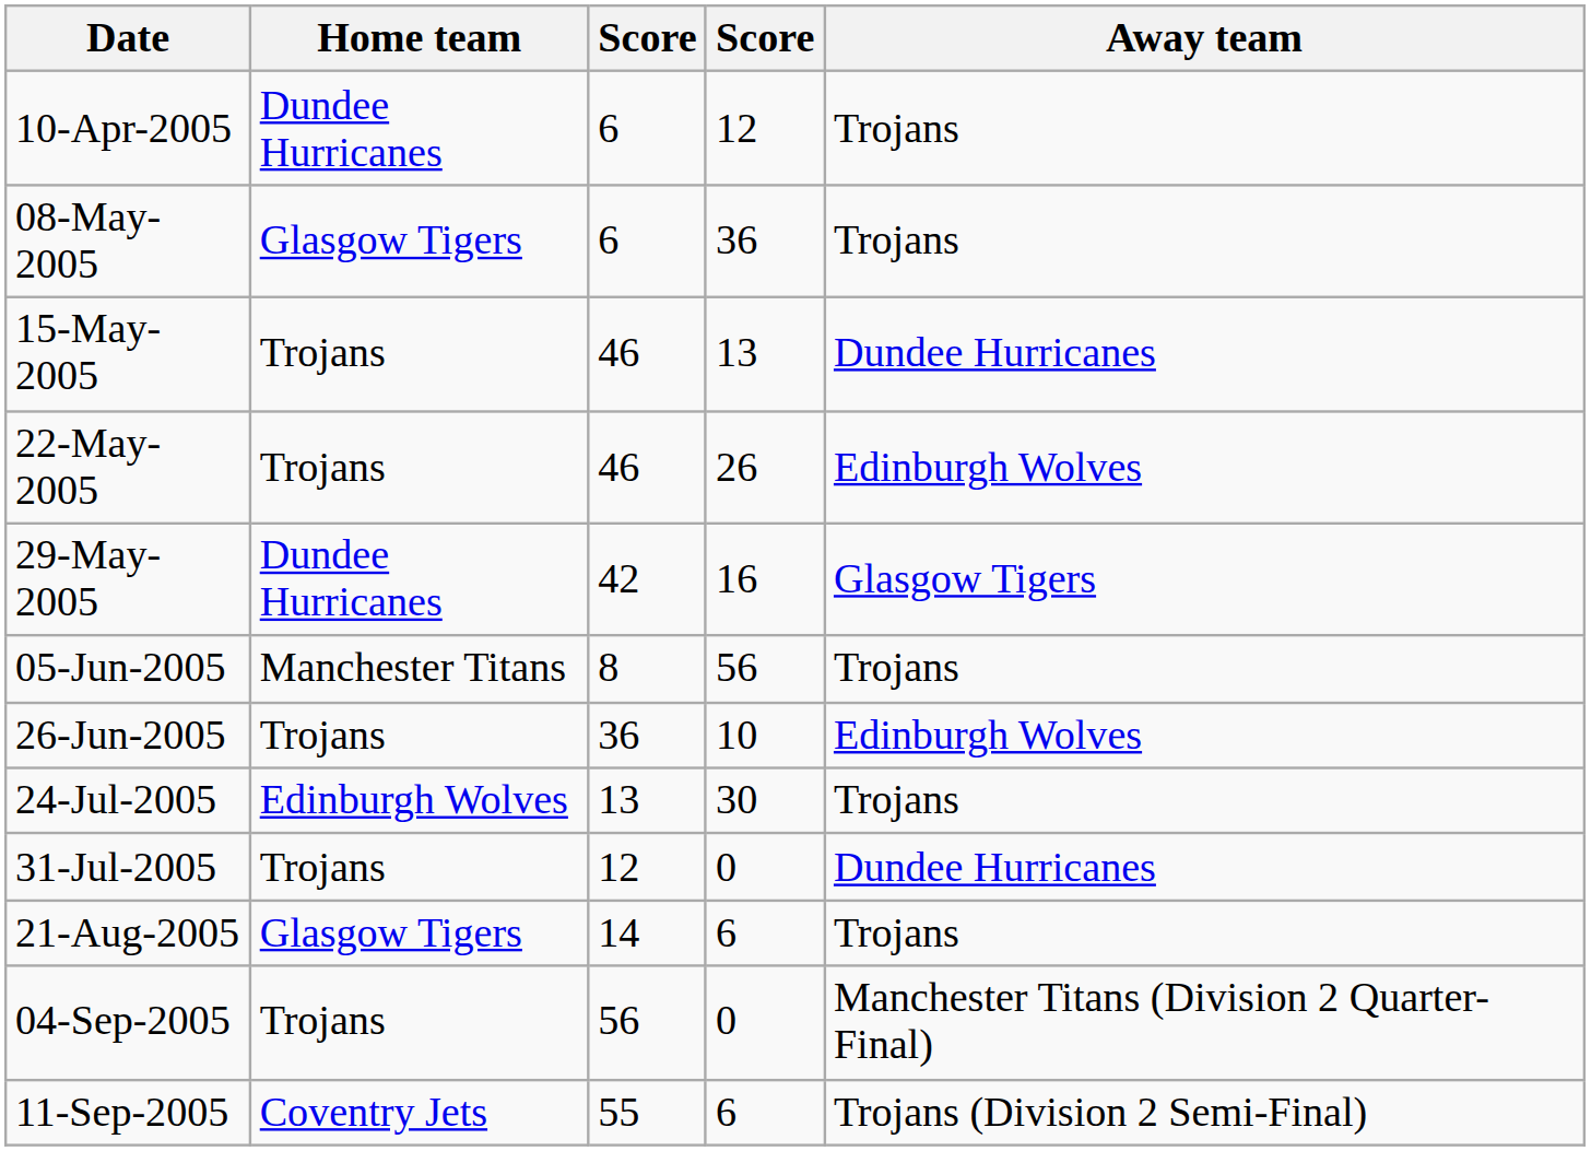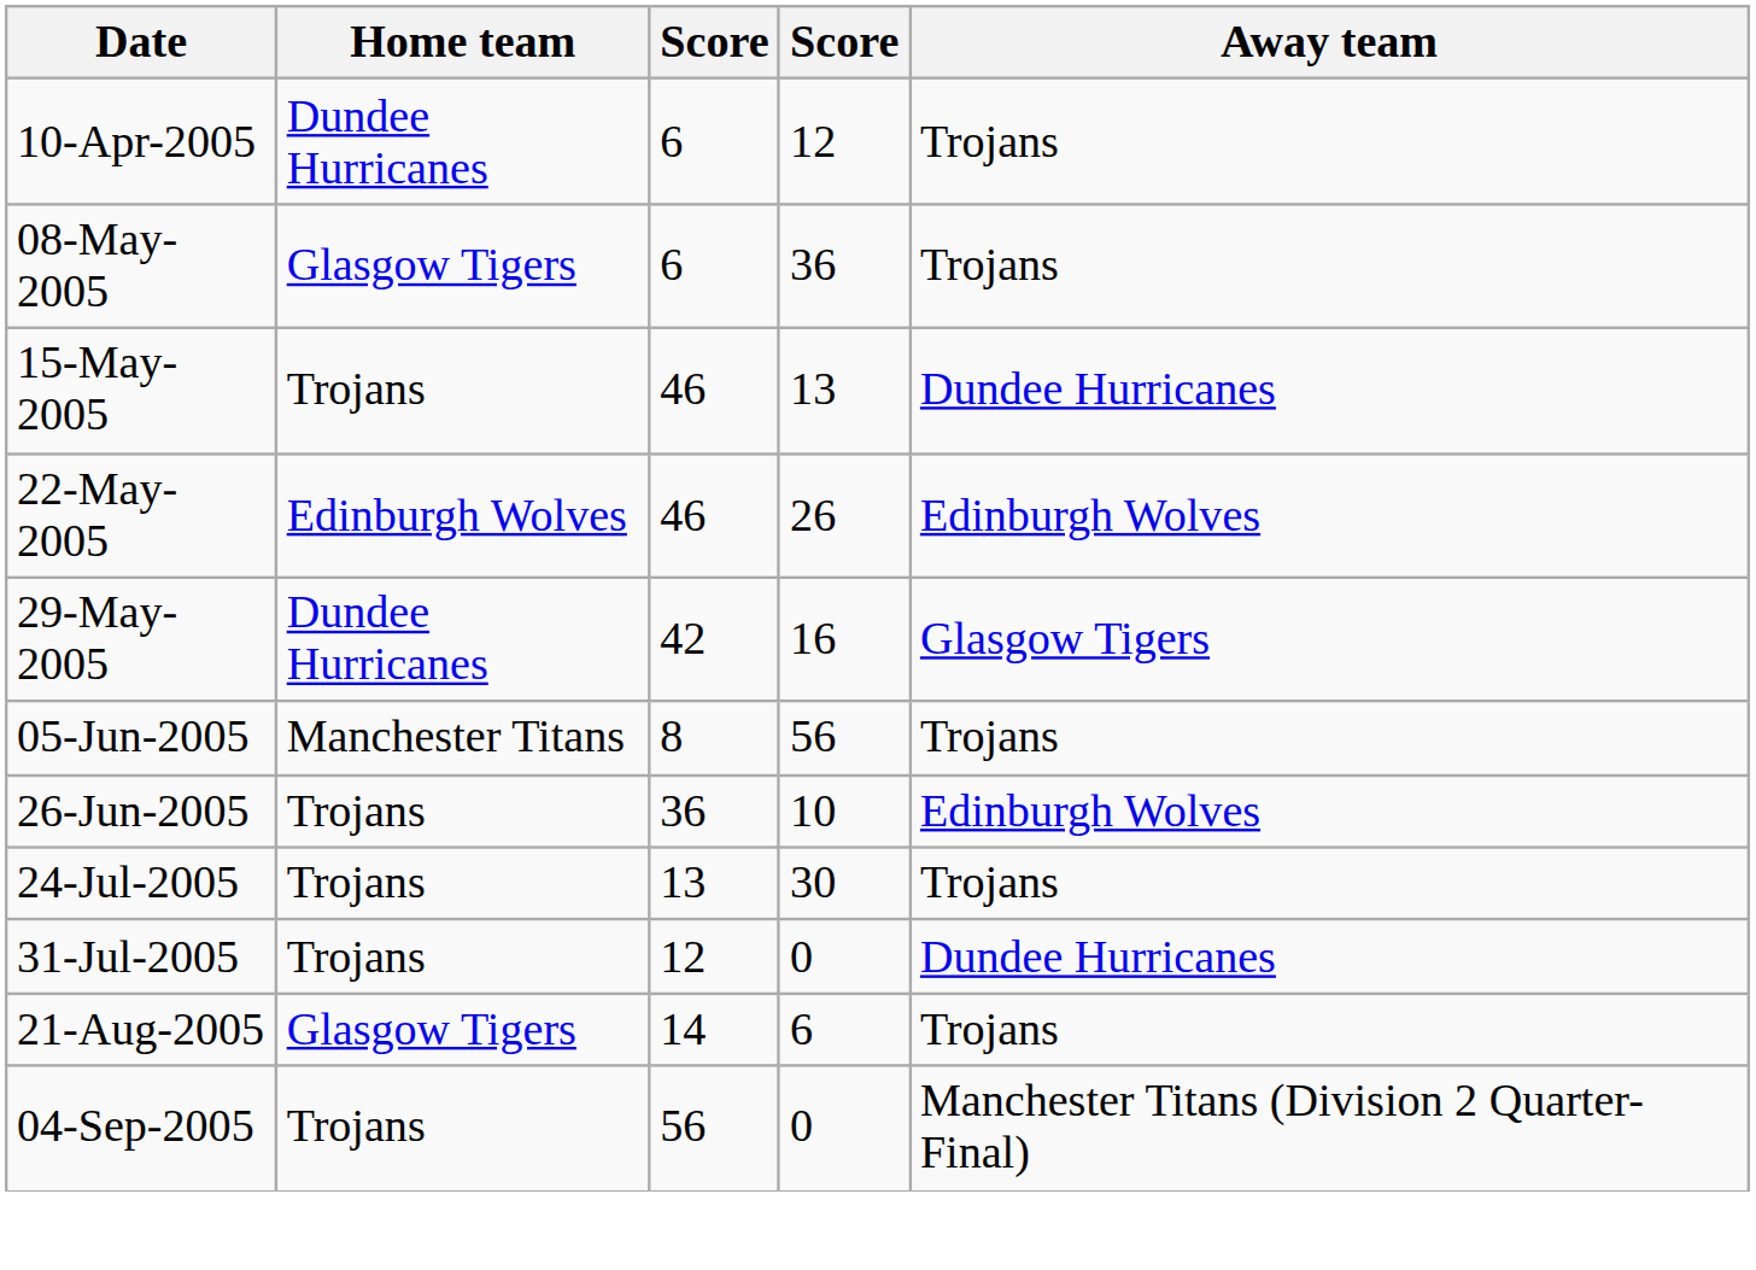 <table class="wikitable" style="text-alight:center">
 <tr>
 <th>Date</th>
 <th>Home team</th>
 <th>Score</th>
 <th>Score</th>
 <th>Away team</th>
 </tr>
 <tr>
 <td>10-Apr-2005</td>
 <td><a href='#'>Dundee Hurricanes</a></td>
 <td>6</td>
 <td>12</td>
 <td>Trojans</td>
 </tr>
 <tr>
 <td>08-May-2005</td>
 <td><a href='#'>Glasgow Tigers</a></td>
 <td>6</td>
 <td>36</td>
 <td>Trojans</td>
 </tr>
 <tr>
 <td>15-May-2005</td>
 <td>Trojans</td>
 <td>46</td>
 <td>13</td>
 <td><a href='#'>Dundee Hurricanes</a></td>
 </tr>
 <tr>
 <td>22-May-2005</td>
-<td>Trojans</td>
+<td><a href='#'>Edinburgh Wolves</a></td>
 <td>46</td>
 <td>26</td>
 <td><a href='#'>Edinburgh Wolves</a></td>
 </tr>
 <tr>
 <td>29-May-2005</td>
 <td><a href='#'>Dundee Hurricanes</a></td>
 <td>42</td>
 <td>16</td>
 <td><a href='#'>Glasgow Tigers</a></td>
 </tr>
 <tr>
 <td>05-Jun-2005</td>
 <td>Manchester Titans</td>
 <td>8</td>
 <td>56</td>
 <td>Trojans</td>
 </tr>
 <tr>
 <td>26-Jun-2005</td>
 <td>Trojans</td>
 <td>36</td>
 <td>10</td>
 <td><a href='#'>Edinburgh Wolves</a></td>
 </tr>
 <tr>
 <td>24-Jul-2005</td>
-<td><a href='#'>Edinburgh Wolves</a></td>
+<td>Trojans</td>
 <td>13</td>
 <td>30</td>
 <td>Trojans</td>
 </tr>
 <tr>
 <td>31-Jul-2005</td>
 <td>Trojans</td>
 <td>12</td>
 <td>0</td>
 <td><a href='#'>Dundee Hurricanes</a></td>
 </tr>
 <tr>
 <td>21-Aug-2005</td>
 <td><a href='#'>Glasgow Tigers</a></td>
 <td>14</td>
 <td>6</td>
 <td>Trojans</td>
 </tr>
 <tr>
 <td>04-Sep-2005</td>
 <td>Trojans</td>
 <td>56</td>
 <td>0</td>
 <td>Manchester Titans (Division 2 Quarter-Final)</td>
 </tr>
-<tr>
-<td>11-Sep-2005</td>
-<td><a href='#'>Coventry Jets</a></td>
-<td>55</td>
-<td>6</td>
-<td>Trojans (Division 2 Semi-Final)</td>
-</tr>
 </table>
